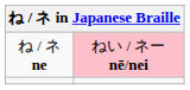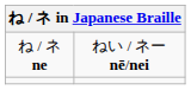 <table class="wikitable nowrap" style="text-align:center">
 <tr>
 <th colspan=2>ね / ネ in <a href='#'>Japanese Braille</a></th>
 </tr>
 <tr>
 <td>ね / ネ <br><strong>ne</strong></td>
-<td style="background: pink;">ねい / ネー <br><strong>nē</strong>/<strong>nei</strong></td>
+<td>ねい / ネー <br><strong>nē</strong>/<strong>nei</strong></td>
 </tr>
 <tr>
 <td></td>
 <td></td>
 </tr>
 </table>
